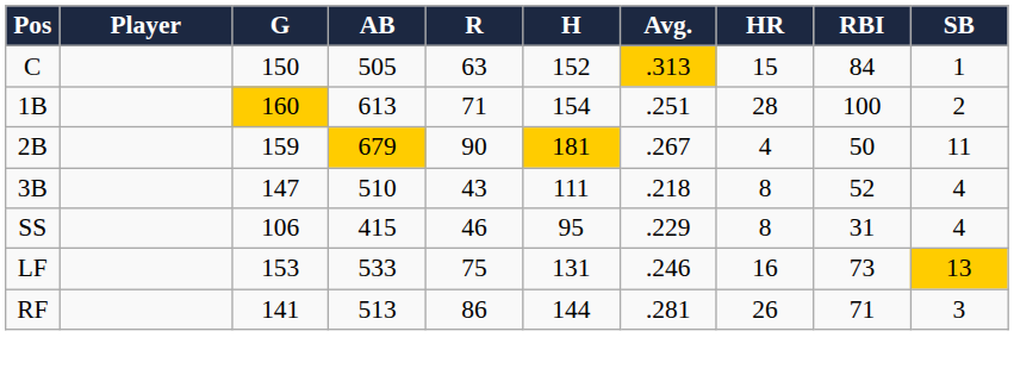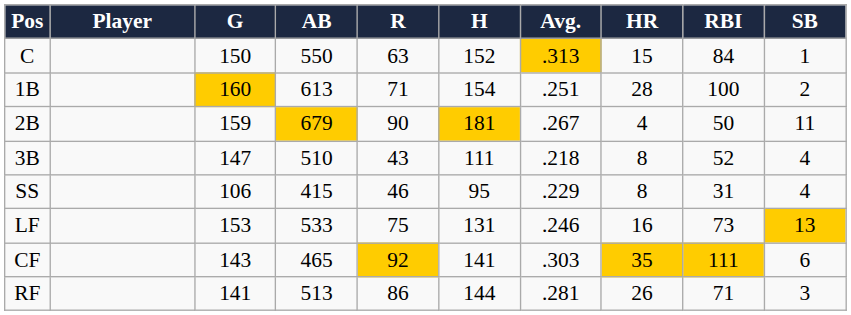 <table class="wikitable sortable">
 <tr>
 <th style="background:#1c2841; color:white; width:5%;">Pos</th>
 <th style="background:#1c2841; color:white; width:16%;">Player</th>
 <th style="background:#1c2841; color:white; width:9%;">G</th>
 <th style="background:#1c2841; color:white; width:9%;">AB</th>
 <th style="background:#1c2841; color:white; width:9%;">R</th>
 <th style="background:#1c2841; color:white; width:9%;">H</th>
 <th style="background:#1c2841; color:white; width:9%;">Avg.</th>
 <th style="background:#1c2841; color:white; width:9%;">HR</th>
 <th style="background:#1c2841; color:white; width:9%;">RBI</th>
 <th style="background:#1c2841; color:white; width:9%;">SB</th>
 </tr>
 <tr style="text-align:center;">
 <td>C</td>
 <td></td>
 <td>150</td>
-<td>505</td>
+<td>550</td>
 <td>63</td>
 <td>152</td>
 <td style="background:#fc0;">.313</td>
 <td>15</td>
 <td>84</td>
 <td>1</td>
 </tr>
 <tr align="center">
 <td>1B</td>
 <td></td>
 <td style="background:#fc0;">160</td>
 <td>613</td>
 <td>71</td>
 <td>154</td>
 <td>.251</td>
 <td>28</td>
 <td>100</td>
 <td>2</td>
 </tr>
 <tr align="center">
 <td>2B</td>
 <td></td>
 <td>159</td>
 <td style="background:#fc0;">679</td>
 <td>90</td>
 <td style="background:#fc0;">181</td>
 <td>.267</td>
 <td>4</td>
 <td>50</td>
 <td>11</td>
 </tr>
 <tr align="center">
 <td>3B</td>
 <td></td>
 <td>147</td>
 <td>510</td>
 <td>43</td>
 <td>111</td>
 <td>.218</td>
 <td>8</td>
 <td>52</td>
 <td>4</td>
 </tr>
 <tr align="center">
 <td>SS</td>
 <td></td>
 <td>106</td>
 <td>415</td>
 <td>46</td>
 <td>95</td>
 <td>.229</td>
 <td>8</td>
 <td>31</td>
 <td>4</td>
 </tr>
 <tr align="center">
 <td>LF</td>
 <td></td>
 <td>153</td>
 <td>533</td>
 <td>75</td>
 <td>131</td>
 <td>.246</td>
 <td>16</td>
 <td>73</td>
 <td style="background:#fc0;">13</td>
 </tr>
 <tr align="center">
+<td>CF</td>
+<td></td>
+<td>143</td>
+<td>465</td>
+<td style="background:#fc0;">92</td>
+<td>141</td>
+<td>.303</td>
+<td style="background:#fc0;">35</td>
+<td style="background:#fc0;">111</td>
+<td>6</td>
+</tr>
+<tr align="center">
 <td>RF</td>
 <td></td>
 <td>141</td>
 <td>513</td>
 <td>86</td>
 <td>144</td>
 <td>.281</td>
 <td>26</td>
 <td>71</td>
 <td>3</td>
 </tr>
 </table>
